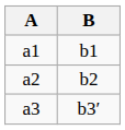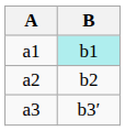 <table class="wikitable" style="float:left" width="100">
 <tr>
 <th>A</th>
 <th>B</th>
 </tr>
 <tr>
 <td align=center>a1</td>
-<td align=center>b1</td>
+<td align=center style="background: paleturquoise;">b1</td>
 </tr>
 <tr>
 <td align=center>a2</td>
 <td align=center>b2</td>
 </tr>
 <tr>
 <td align=center>a3</td>
 <td align=center>b3′</td>
 </tr>
 </table>
